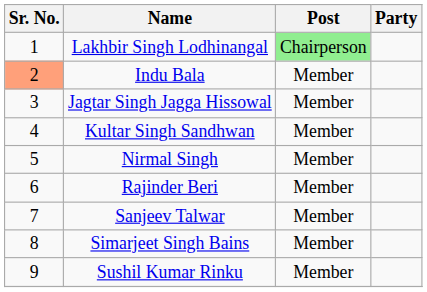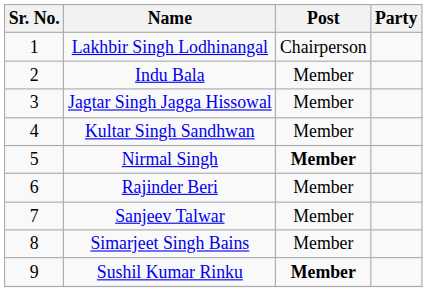 <table class="wikitable sortable">
 <tr>
 <th>Sr. No.</th>
 <th>Name</th>
 <th>Post</th>
 <th colspan="2">Party</th>
 </tr>
 <tr align="center">
 <td>1</td>
 <td><a href='#'>Lakhbir Singh Lodhinangal</a></td>
-<td style="background: lightgreen;">Chairperson</td>
+<td>Chairperson</td>
 <td></td>
 </tr>
 <tr align="center">
-<td style="background: lightsalmon;">2</td>
+<td>2</td>
 <td><a href='#'>Indu Bala</a></td>
 <td>Member</td>
 <td></td>
 </tr>
 <tr align="center">
 <td>3</td>
 <td><a href='#'>Jagtar Singh Jagga Hissowal</a></td>
 <td>Member</td>
 <td></td>
 </tr>
 <tr align="center">
 <td>4</td>
 <td><a href='#'>Kultar Singh Sandhwan</a></td>
 <td>Member</td>
 <td></td>
 </tr>
 <tr align="center">
 <td>5</td>
 <td><a href='#'>Nirmal Singh</a></td>
-<td>Member</td>
+<td><strong>Member</strong></td>
 <td></td>
 </tr>
 <tr align="center">
 <td>6</td>
 <td><a href='#'>Rajinder Beri</a></td>
 <td>Member</td>
 <td></td>
 </tr>
 <tr align="center">
 <td>7</td>
 <td><a href='#'>Sanjeev Talwar</a></td>
 <td>Member</td>
 <td></td>
 </tr>
 <tr align="center">
 <td>8</td>
 <td><a href='#'>Simarjeet Singh Bains</a></td>
 <td>Member</td>
 <td></td>
 </tr>
 <tr align="center">
 <td>9</td>
 <td><a href='#'>Sushil Kumar Rinku</a></td>
-<td>Member</td>
+<td><strong>Member</strong></td>
 <td></td>
 </tr>
 <tr align="center">
 </tr>
 </table>
